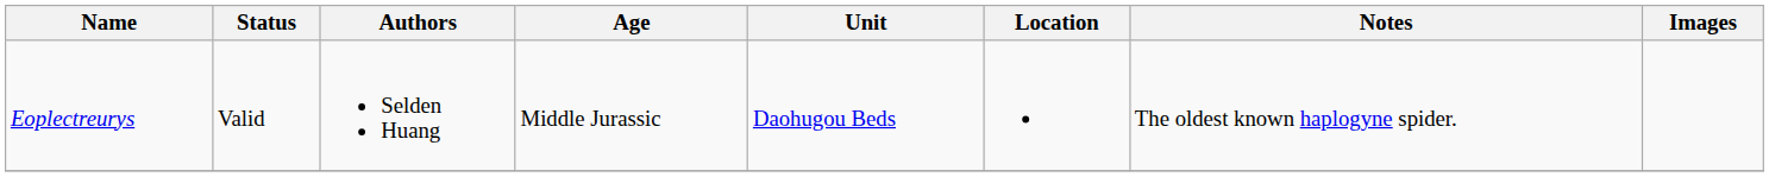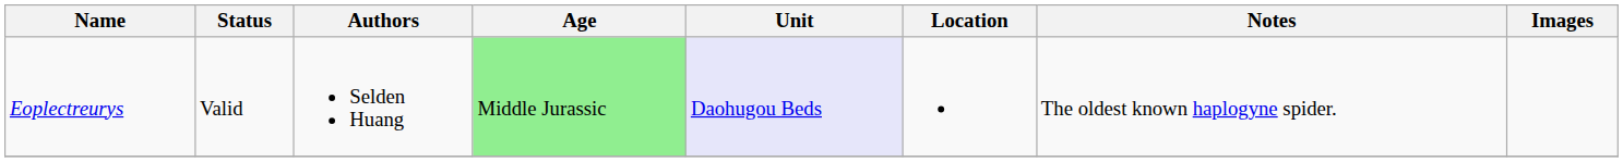 <table class="wikitable sortable" align="center" width="100%">
 <tr>
 <th>Name</th>
 <th>Status</th>
 <th>Authors</th>
 <th>Age</th>
 <th>Unit</th>
 <th>Location</th>
 <th>Notes</th>
 <th>Images</th>
 </tr>
 <tr>
 <td><br><em><a href='#'>Eoplectreurys</a></em></td>
 <td><br>Valid</td>
 <td><br><ul><li>Selden</li><li>Huang</li></ul></td>
-<td><br>Middle Jurassic</td>
-<td><br><a href='#'>Daohugou Beds</a></td>
+<td style="background: lightgreen;"><br>Middle Jurassic</td>
+<td style="background: lavender;"><br><a href='#'>Daohugou Beds</a></td>
 <td><br><ul><li></li></ul></td>
 <td><br>The oldest known <a href='#'>haplogyne</a> spider.</td>
 <td></td>
 </tr>
 <tr>
 </tr>
 </table>
